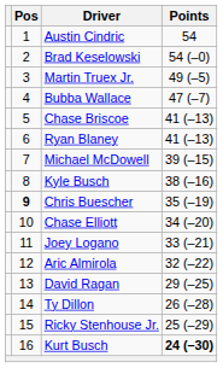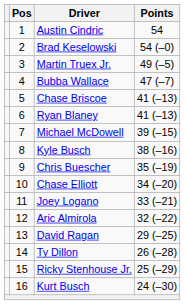 <table class="wikitable" style="font-size: 95%">
 <tr>
 <th></th>
 <th>Pos</th>
 <th>Driver</th>
 <th>Points</th>
 </tr>
 <tr>
 <td align="left"></td>
 <td style="text-align:center;">1</td>
 <td><a href='#'>Austin Cindric</a></td>
 <td style="text-align:center;">54</td>
 </tr>
 <tr>
 <td align="left"></td>
 <td style="text-align:center;">2</td>
 <td><a href='#'>Brad Keselowski</a></td>
 <td style="text-align:center;">54 (–0)</td>
 </tr>
 <tr>
 <td align="left"></td>
 <td style="text-align:center;">3</td>
 <td><a href='#'>Martin Truex Jr.</a></td>
 <td style="text-align:center;">49 (–5)</td>
 </tr>
 <tr>
 <td align="left"></td>
 <td style="text-align:center;">4</td>
 <td><a href='#'>Bubba Wallace</a></td>
 <td style="text-align:center;">47 (–7)</td>
 </tr>
 <tr>
 <td align="left"></td>
 <td style="text-align:center;">5</td>
 <td><a href='#'>Chase Briscoe</a></td>
 <td style="text-align:center;">41 (–13)</td>
 </tr>
 <tr>
 <td align="left"></td>
 <td style="text-align:center;">6</td>
 <td><a href='#'>Ryan Blaney</a></td>
 <td style="text-align:center;">41 (–13)</td>
 </tr>
 <tr>
 <td align="left"></td>
 <td style="text-align:center;">7</td>
 <td><a href='#'>Michael McDowell</a></td>
 <td style="text-align:center;">39 (–15)</td>
 </tr>
 <tr>
 <td align="left"></td>
 <td style="text-align:center;">8</td>
 <td><a href='#'>Kyle Busch</a></td>
 <td style="text-align:center;">38 (–16)</td>
 </tr>
 <tr>
 <td align="left"></td>
-<td style="text-align:center;"><strong>9</strong></td>
+<td style="text-align:center;">9</td>
 <td><a href='#'>Chris Buescher</a></td>
 <td style="text-align:center;">35 (–19)</td>
 </tr>
 <tr>
 <td align="left"></td>
 <td style="text-align:center;">10</td>
 <td><a href='#'>Chase Elliott</a></td>
 <td style="text-align:center;">34 (–20)</td>
 </tr>
 <tr>
 <td align="left"></td>
 <td style="text-align:center;">11</td>
 <td><a href='#'>Joey Logano</a></td>
 <td style="text-align:center;">33 (–21)</td>
 </tr>
 <tr>
 <td align="left"></td>
 <td style="text-align:center;">12</td>
 <td><a href='#'>Aric Almirola</a></td>
 <td style="text-align:center;">32 (–22)</td>
 </tr>
 <tr>
 <td align="left"></td>
 <td style="text-align:center;">13</td>
 <td><a href='#'>David Ragan</a></td>
 <td style="text-align:center;">29 (–25)</td>
 </tr>
 <tr>
 <td align="left"></td>
 <td style="text-align:center;">14</td>
 <td><a href='#'>Ty Dillon</a></td>
 <td style="text-align:center;">26 (–28)</td>
 </tr>
 <tr>
 <td align="left"></td>
 <td style="text-align:center;">15</td>
 <td><a href='#'>Ricky Stenhouse Jr.</a></td>
 <td style="text-align:center;">25 (–29)</td>
 </tr>
 <tr>
 <td align="left"></td>
 <td style="text-align:center;">16</td>
 <td><a href='#'>Kurt Busch</a></td>
-<td style="text-align:center;"><strong>24 (–30)</strong></td>
+<td style="text-align:center;">24 (–30)</td>
 </tr>
 <tr class="sortbottom">
 <th colspan="9"></th>
 </tr>
 </table>
